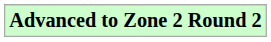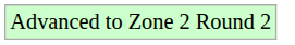 <table class="wikitable">
 <tr>
 </tr>
 <tr width=10px bgcolor="#ccffcc">
-<td><strong>Advanced to Zone 2 Round 2</strong></td>
+<td>Advanced to Zone 2 Round 2</td>
 </tr>
 </table>
